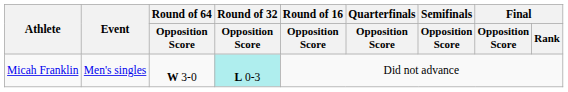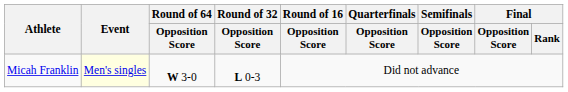 <table class=wikitable style="font-size:90%">
 <tr>
 <th rowspan=2>Athlete</th>
 <th rowspan=2>Event</th>
 <th>Round of 64</th>
 <th>Round of 32</th>
 <th>Round of 16</th>
 <th>Quarterfinals</th>
 <th>Semifinals</th>
 <th colspan=2>Final</th>
 </tr>
 <tr style="font-size:95%">
 <th>Opposition<br>Score</th>
 <th>Opposition<br>Score</th>
 <th>Opposition<br>Score</th>
 <th>Opposition<br>Score</th>
 <th>Opposition<br>Score</th>
 <th>Opposition<br>Score</th>
 <th>Rank</th>
 </tr>
 <tr align=center>
 <td align=left><a href='#'>Micah Franklin</a></td>
-<td align=left><a href='#'>Men's singles</a></td>
+<td align=left style="background: lightyellow;"><a href='#'>Men's singles</a></td>
 <td><br> <strong>W</strong> 3-0</td>
-<td style="background: paleturquoise;"><br> <strong>L</strong> 0-3</td>
+<td><br> <strong>L</strong> 0-3</td>
 <td Colspan=5>Did not advance</td>
 </tr>
 </table>
